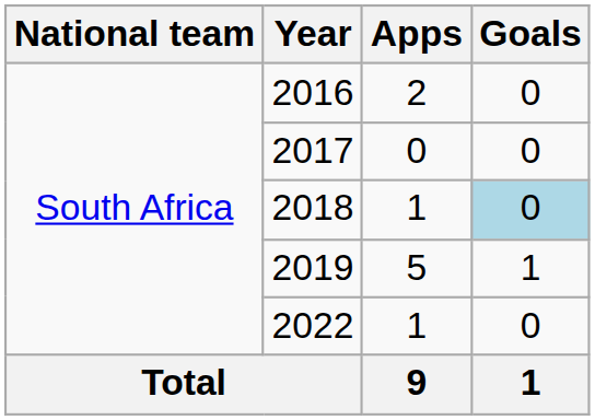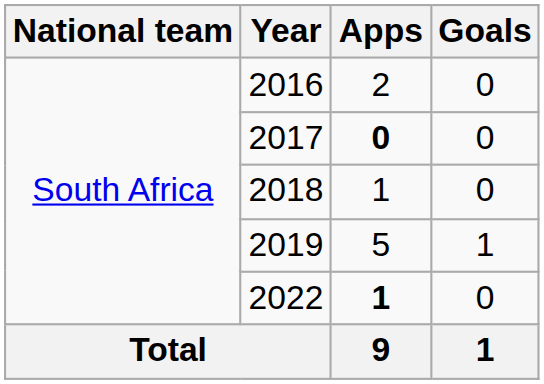 <table class="wikitable" style="text-align:center">
 <tr>
 <th>National team</th>
 <th>Year</th>
 <th>Apps</th>
 <th>Goals</th>
 </tr>
 <tr>
 <td rowspan="5"><a href='#'>South Africa</a></td>
 <td>2016</td>
 <td>2</td>
 <td>0</td>
 </tr>
 <tr>
 <td>2017</td>
-<td>0</td>
+<td><strong>0</strong></td>
 <td>0</td>
 </tr>
 <tr>
 <td>2018</td>
 <td>1</td>
-<td style="background: lightblue;">0</td>
+<td>0</td>
 </tr>
 <tr>
 <td>2019</td>
 <td>5</td>
 <td>1</td>
 </tr>
 <tr>
 <td>2022</td>
-<td>1</td>
+<td><strong>1</strong></td>
 <td>0</td>
 </tr>
 <tr>
 <th colspan="2">Total</th>
 <th>9</th>
 <th>1</th>
 </tr>
 </table>
